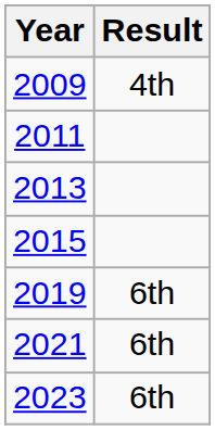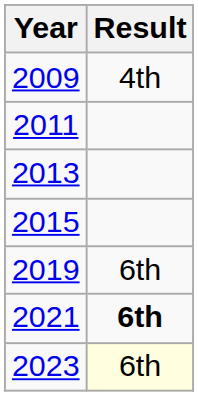 <table class="wikitable" style="text-align:center">
 <tr>
 <th>Year</th>
 <th>Result</th>
 </tr>
 <tr>
 <td><a href='#'>2009</a></td>
 <td>4th</td>
 </tr>
 <tr>
 <td><a href='#'>2011</a></td>
 <td></td>
 </tr>
 <tr>
 <td><a href='#'>2013</a></td>
 <td></td>
 </tr>
 <tr>
 <td><a href='#'>2015</a></td>
 <td></td>
 </tr>
 <tr>
 <td><a href='#'>2019</a></td>
 <td>6th</td>
 </tr>
 <tr>
 <td><a href='#'>2021</a></td>
-<td>6th</td>
+<td><strong>6th</strong></td>
 </tr>
 <tr>
 <td><a href='#'>2023</a></td>
-<td>6th</td>
+<td style="background: lightyellow;">6th</td>
 </tr>
 </table>
